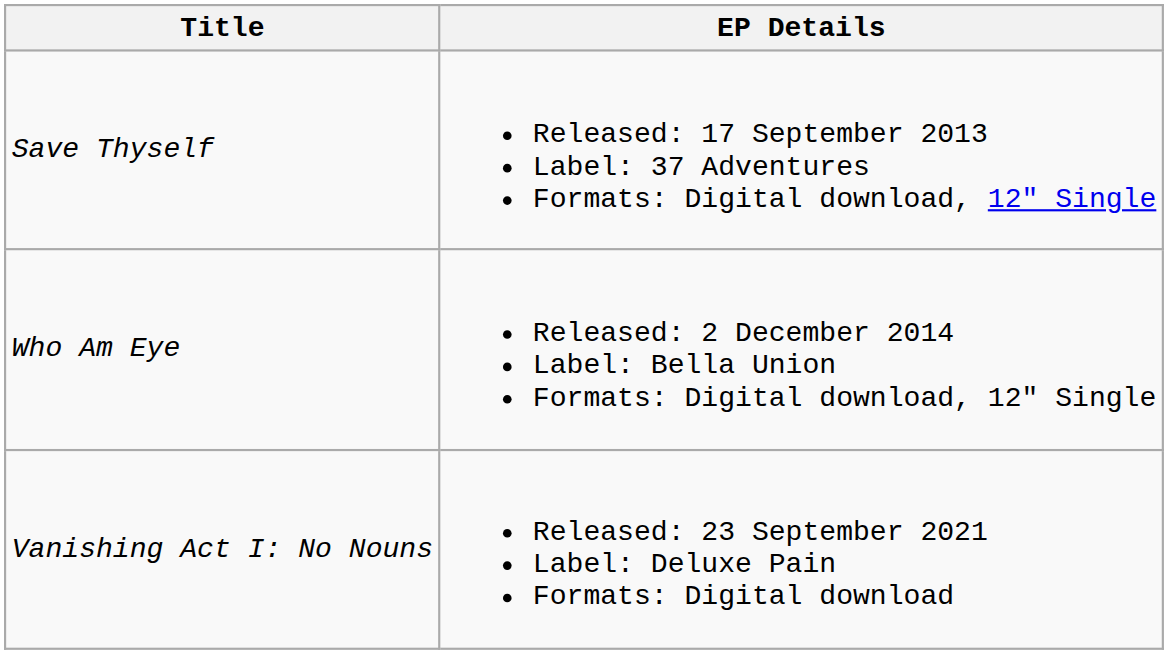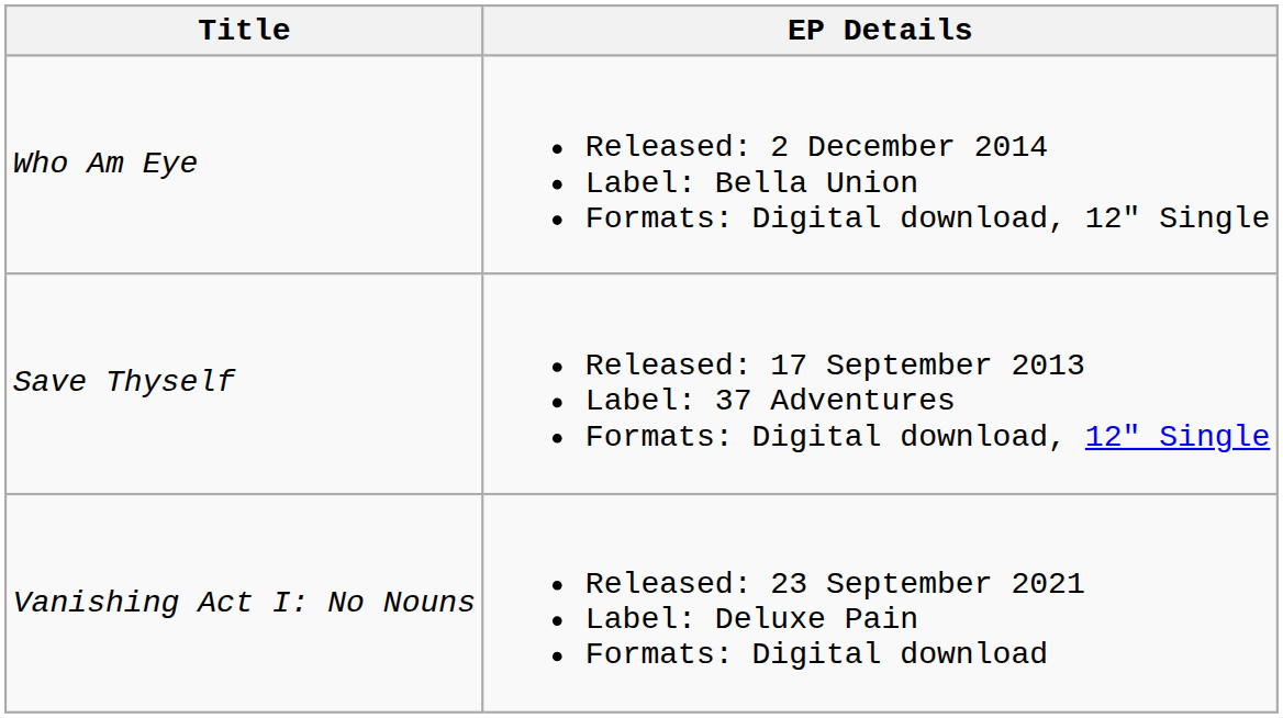 <table class="wikitable">
 <tr>
 <th>Title</th>
 <th>EP Details</th>
 </tr>
 <tr>
+<td><em>Who Am Eye</em></td>
+<td><br><ul><li>Released: 2 December 2014</li><li>Label: Bella Union</li><li>Formats: Digital download, 12" Single</li></ul></td>
+</tr>
+<tr>
 <td><em>Save Thyself</em></td>
 <td><br><ul><li>Released: 17 September 2013</li><li>Label: 37 Adventures</li><li>Formats: Digital download, <a href='#'>12" Single</a></li></ul></td>
-</tr>
-<tr>
-<td><em>Who Am Eye</em></td>
-<td><br><ul><li>Released: 2 December 2014</li><li>Label: Bella Union</li><li>Formats: Digital download, 12" Single</li></ul></td>
 </tr>
 <tr>
 <td><em>Vanishing Act I: No Nouns</em></td>
 <td><br><ul><li>Released: 23 September 2021</li><li>Label: Deluxe Pain</li><li>Formats: Digital download</li></ul></td>
 </tr>
 </table>
